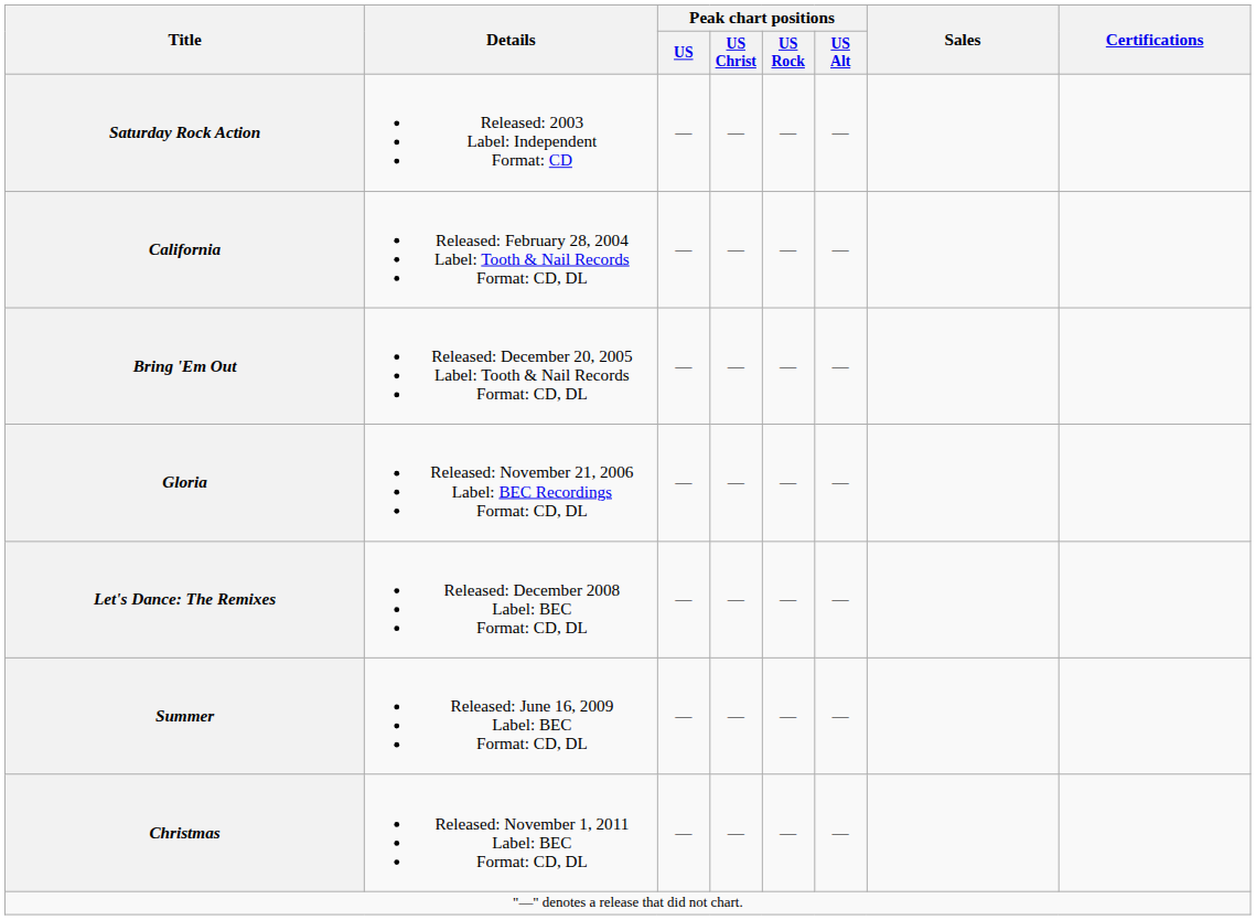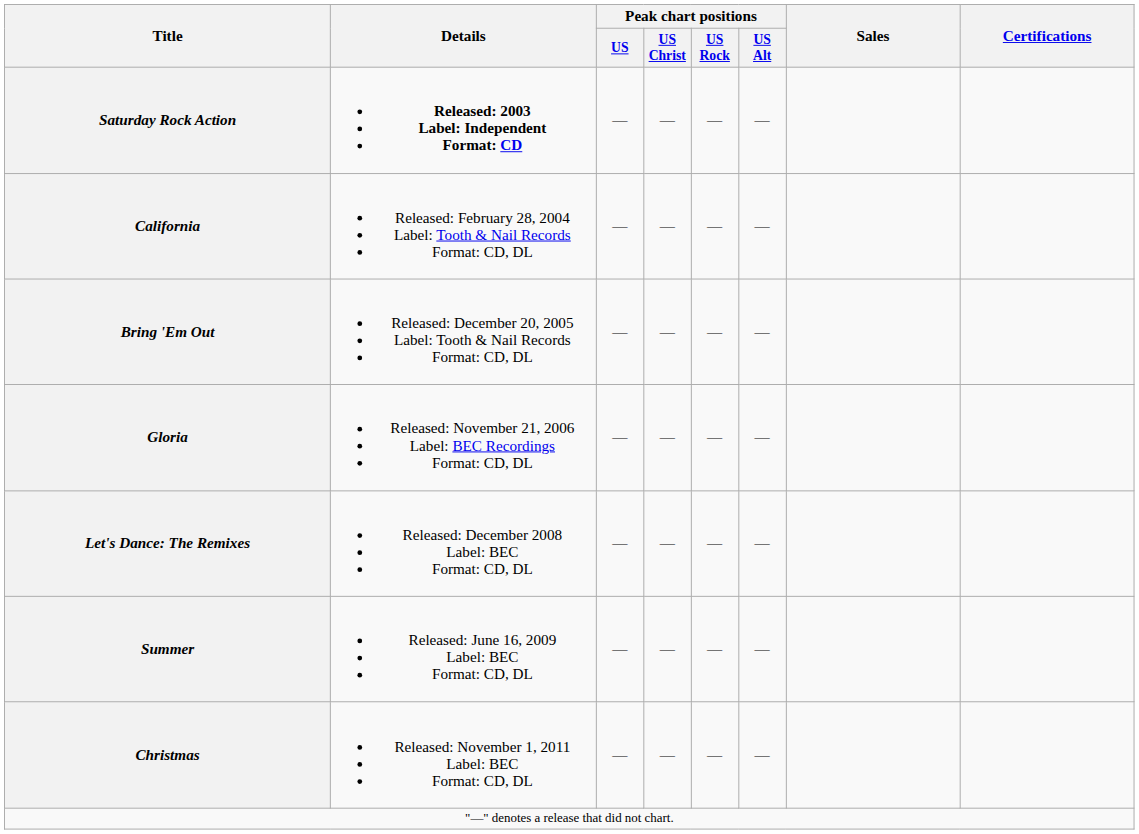 <table class="wikitable plainrowheaders" style="text-align:center;">
 <tr>
 <th rowspan="2" scope="col" style="width:21em;">Title</th>
 <th rowspan="2" scope="col" style="width:17em;">Details</th>
 <th colspan="4" scope="col">Peak chart positions</th>
 <th rowspan="2" scope="col" style="width:11em;">Sales</th>
 <th rowspan="2" scope="col" style="width:11em;"><a href='#'>Certifications</a></th>
 </tr>
 <tr>
 <th scope="col" style="width:3em;font-size:90%;"><a href='#'>US</a><br></th>
 <th scope="col" style="width:3em;font-size:90%;"><a href='#'>US<br>Christ</a><br></th>
 <th scope="col" style="width:3em;font-size:90%;"><a href='#'>US<br>Rock</a><br></th>
 <th scope="col" style="width:3em;font-size:90%;"><a href='#'>US<br>Alt</a><br></th>
 </tr>
 <tr>
 <th scope="row"><em>Saturday Rock Action</em></th>
-<td><br><ul><li>Released: 2003</li><li>Label: Independent</li><li>Format: <a href='#'>CD</a></li></ul></td>
+<td><strong><br><ul><li>Released: 2003</li><li>Label: Independent</li><li>Format: <a href='#'>CD</a></li></ul></strong></td>
 <td>—</td>
 <td>—</td>
 <td>—</td>
 <td>—</td>
 <td></td>
 <td></td>
 </tr>
 <tr>
 <th scope="row"><em>California</em></th>
 <td><br><ul><li>Released: February 28, 2004</li><li>Label: <a href='#'>Tooth & Nail Records</a></li><li>Format: CD, DL</li></ul></td>
 <td>—</td>
 <td>—</td>
 <td>—</td>
 <td>—</td>
 <td></td>
 <td></td>
 </tr>
 <tr>
 <th scope="row"><em>Bring 'Em Out</em></th>
 <td><br><ul><li>Released: December 20, 2005</li><li>Label: Tooth & Nail Records</li><li>Format: CD, DL</li></ul></td>
 <td>—</td>
 <td>—</td>
 <td>—</td>
 <td>—</td>
 <td></td>
 <td></td>
 </tr>
 <tr>
 <th scope="row"><em>Gloria</em></th>
 <td><br><ul><li>Released: November 21, 2006</li><li>Label: <a href='#'>BEC Recordings</a></li><li>Format: CD, DL</li></ul></td>
 <td>—</td>
 <td>—</td>
 <td>—</td>
 <td>—</td>
 <td></td>
 <td></td>
 </tr>
 <tr>
 <th scope="row"><em>Let's Dance: The Remixes</em></th>
 <td><br><ul><li>Released: December 2008</li><li>Label: BEC</li><li>Format: CD, DL</li></ul></td>
 <td>—</td>
 <td>—</td>
 <td>—</td>
 <td>—</td>
 <td></td>
 <td></td>
 </tr>
 <tr>
 <th scope="row"><em>Summer</em></th>
 <td><br><ul><li>Released: June 16, 2009</li><li>Label: BEC</li><li>Format: CD, DL</li></ul></td>
 <td>—</td>
 <td>—</td>
 <td>—</td>
 <td>—</td>
 <td></td>
 <td></td>
 </tr>
 <tr>
 <th scope="row"><em>Christmas</em></th>
 <td><br><ul><li>Released: November 1, 2011</li><li>Label: BEC</li><li>Format: CD, DL</li></ul></td>
 <td>—</td>
 <td>—</td>
 <td>—</td>
 <td>—</td>
 <td></td>
 <td></td>
 </tr>
 <tr>
 <td colspan="15" style="text-align:center; font-size:85%;">"—" denotes a release that did not chart.</td>
 </tr>
 </table>
